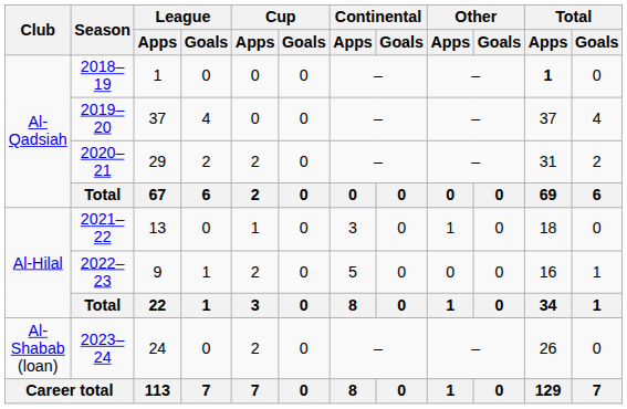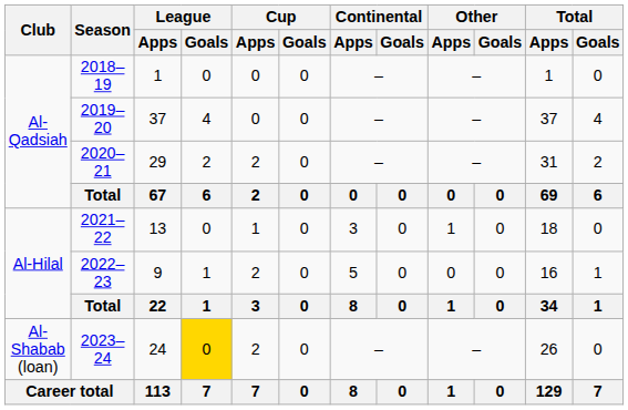 <table class="wikitable" style="text-align: center">
 <tr>
 <th rowspan="2">Club</th>
 <th rowspan="2">Season</th>
 <th colspan="2">League</th>
 <th colspan="2">Cup</th>
 <th colspan="2">Continental</th>
 <th colspan="2">Other</th>
 <th colspan="2">Total</th>
 </tr>
 <tr>
 <th>Apps</th>
 <th>Goals</th>
 <th>Apps</th>
 <th>Goals</th>
 <th>Apps</th>
 <th>Goals</th>
 <th>Apps</th>
 <th>Goals</th>
 <th>Apps</th>
 <th>Goals</th>
 </tr>
 <tr>
 <td rowspan="4"><a href='#'>Al-Qadsiah</a></td>
 <td><a href='#'>2018–19</a></td>
 <td>1</td>
 <td>0</td>
 <td>0</td>
 <td>0</td>
 <td colspan="2">–</td>
 <td colspan="2">–</td>
-<td><strong>1</strong></td>
+<td>1</td>
 <td>0</td>
 </tr>
 <tr>
 <td><a href='#'>2019–20</a></td>
 <td>37</td>
 <td>4</td>
 <td>0</td>
 <td>0</td>
 <td colspan="2">–</td>
 <td colspan="2">–</td>
 <td>37</td>
 <td>4</td>
 </tr>
 <tr>
 <td><a href='#'>2020–21</a></td>
 <td>29</td>
 <td>2</td>
 <td>2</td>
 <td>0</td>
 <td colspan="2">–</td>
 <td colspan="2">–</td>
 <td>31</td>
 <td>2</td>
 </tr>
 <tr>
 <th colspan=1>Total</th>
 <th>67</th>
 <th>6</th>
 <th>2</th>
 <th>0</th>
 <th>0</th>
 <th>0</th>
 <th>0</th>
 <th>0</th>
 <th>69</th>
 <th>6</th>
 </tr>
 <tr>
 <td rowspan="3"><a href='#'>Al-Hilal</a></td>
 <td><a href='#'>2021–22</a></td>
 <td>13</td>
 <td>0</td>
 <td>1</td>
 <td>0</td>
 <td>3</td>
 <td>0</td>
 <td>1</td>
 <td>0</td>
 <td>18</td>
 <td>0</td>
 </tr>
 <tr>
 <td><a href='#'>2022–23</a></td>
 <td>9</td>
 <td>1</td>
 <td>2</td>
 <td>0</td>
 <td>5</td>
 <td>0</td>
 <td>0</td>
 <td>0</td>
 <td>16</td>
 <td>1</td>
 </tr>
 <tr>
 <th colspan=1>Total</th>
 <th>22</th>
 <th>1</th>
 <th>3</th>
 <th>0</th>
 <th>8</th>
 <th>0</th>
 <th>1</th>
 <th>0</th>
 <th>34</th>
 <th>1</th>
 </tr>
 <tr>
 <td rowspan="1"><a href='#'>Al-Shabab</a> (loan)</td>
 <td><a href='#'>2023–24</a></td>
 <td>24</td>
-<td>0</td>
+<td style="background: gold;">0</td>
 <td>2</td>
 <td>0</td>
 <td colspan="2">–</td>
 <td colspan="2">–</td>
 <td>26</td>
 <td>0</td>
 </tr>
 <tr>
 <th colspan=2>Career total</th>
 <th>113</th>
 <th>7</th>
 <th>7</th>
 <th>0</th>
 <th>8</th>
 <th>0</th>
 <th>1</th>
 <th>0</th>
 <th>129</th>
 <th>7</th>
 </tr>
 </table>
